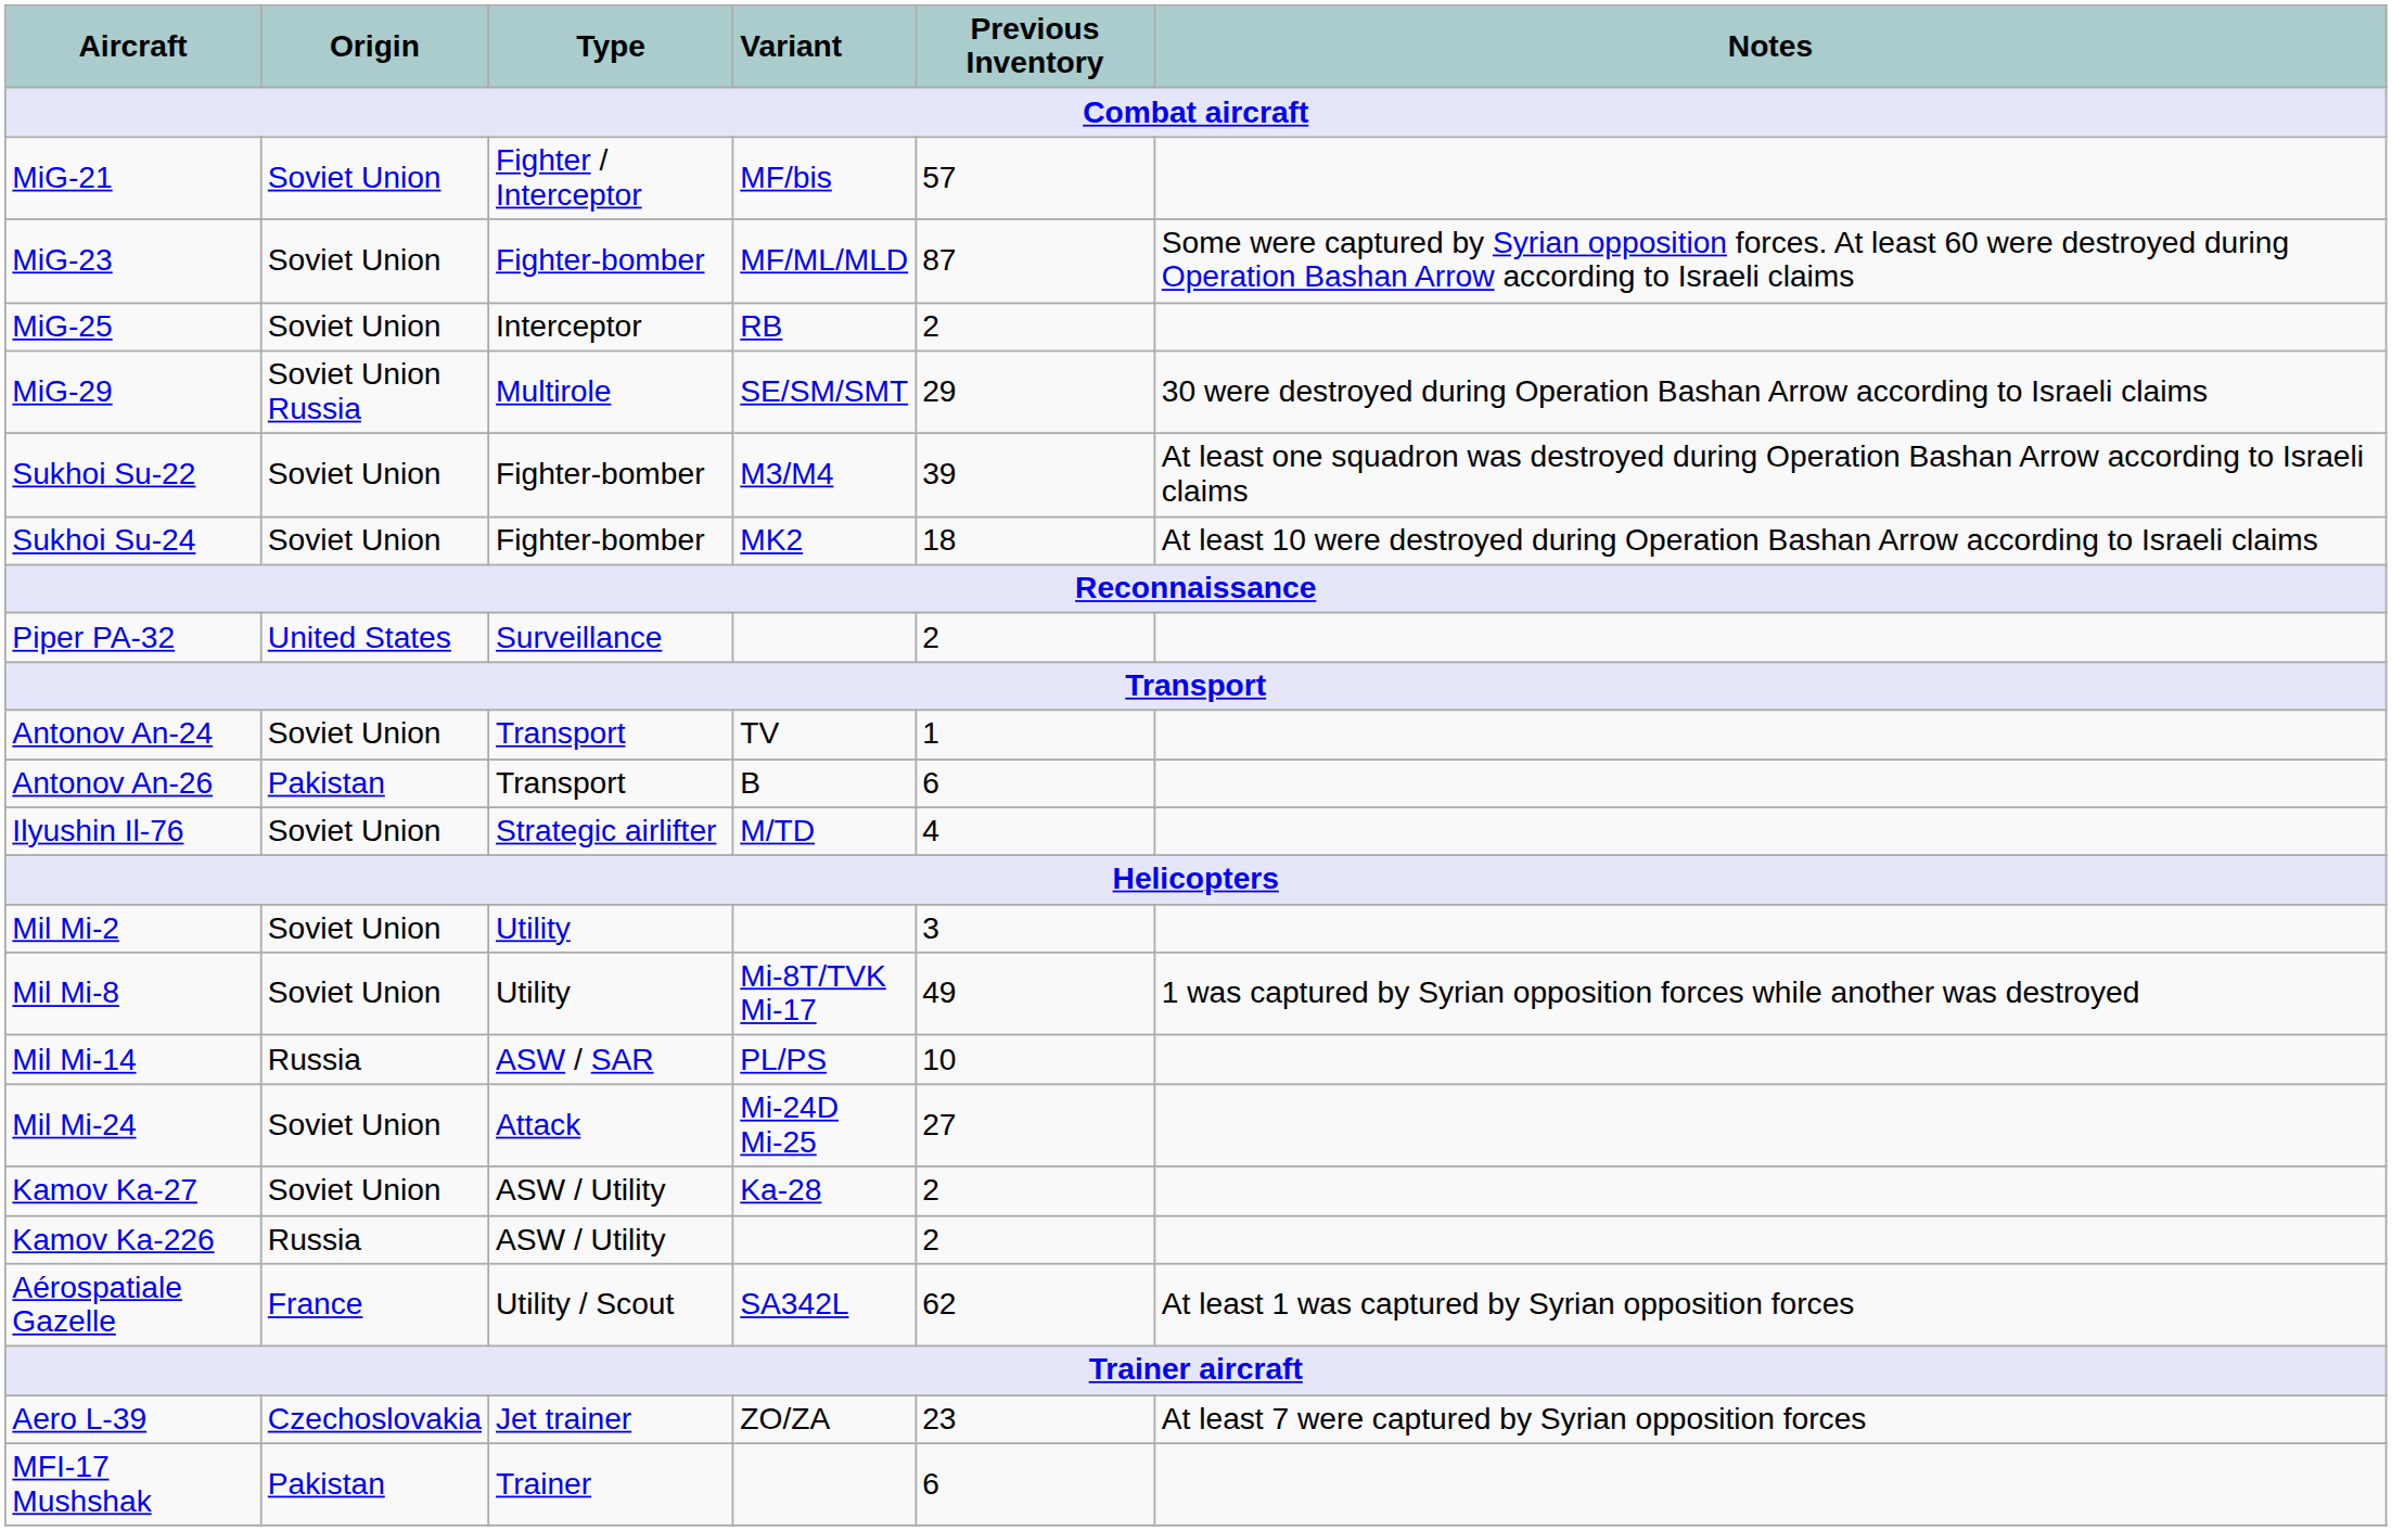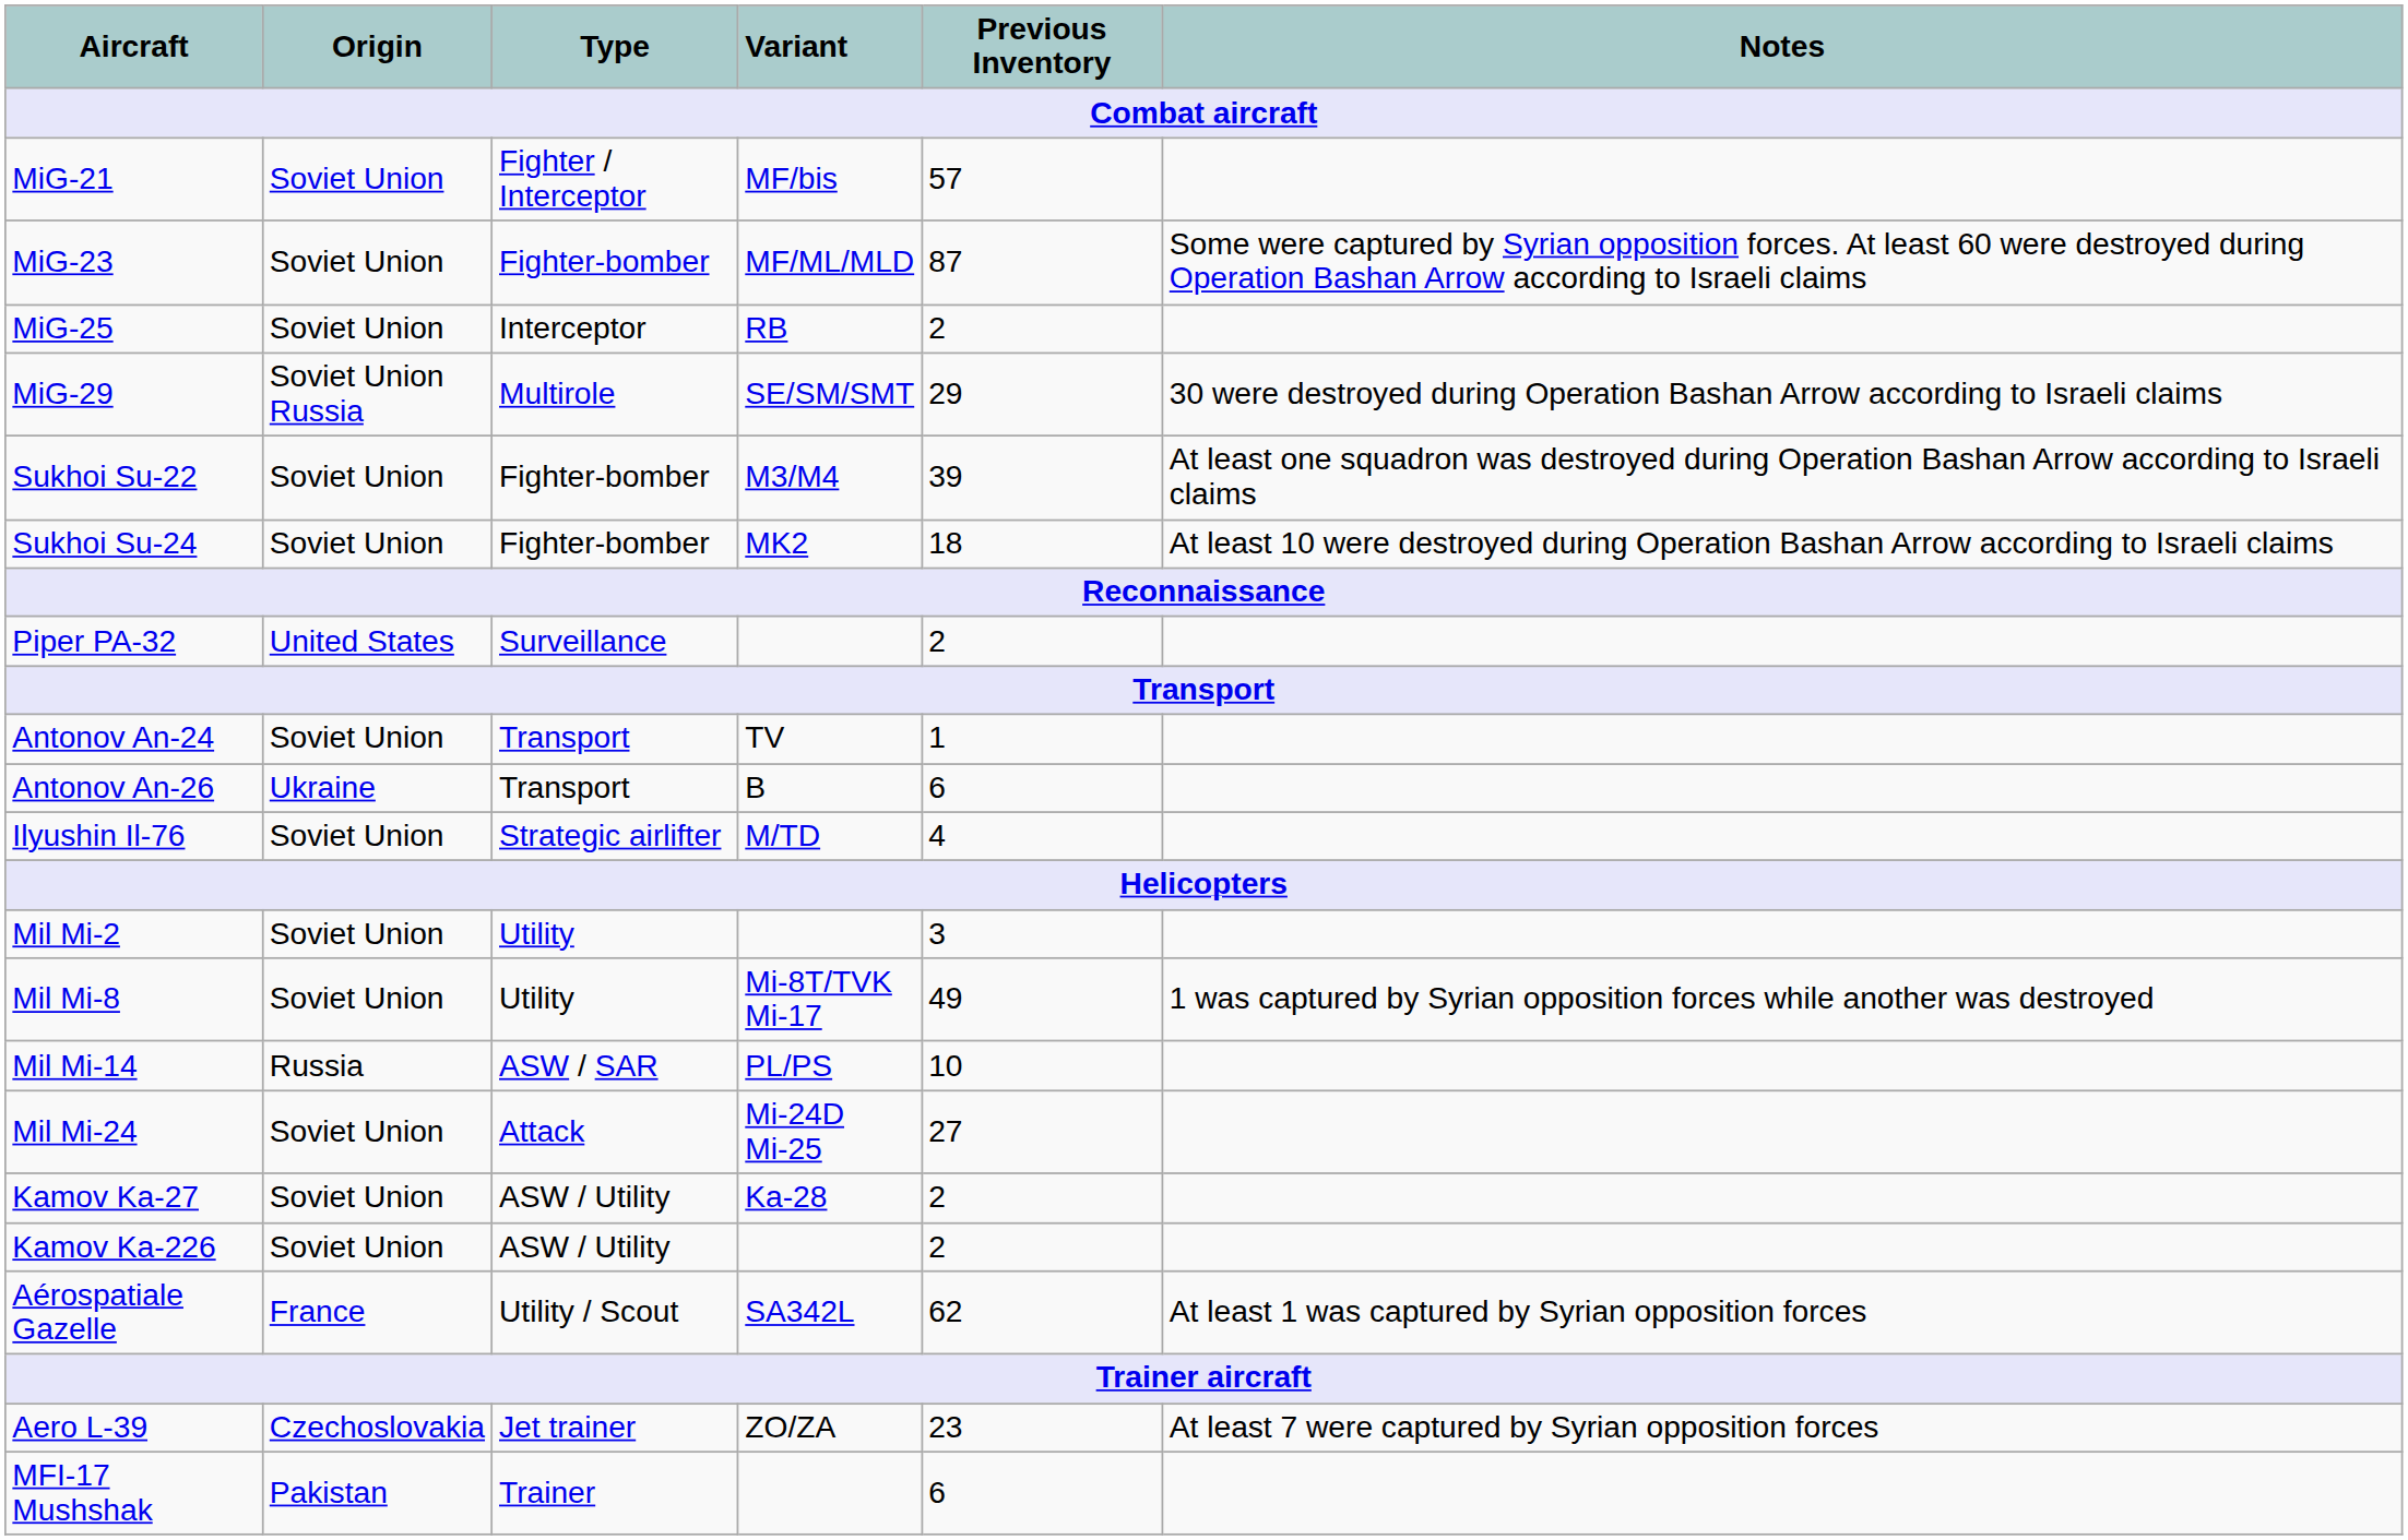 <table class="wikitable">
 <tr>
 <th style="text-align:center; background:#acc;">Aircraft</th>
 <th style="text-align: center; background:#acc;">Origin</th>
 <th style="text-align:l center; background:#acc;">Type</th>
 <th style="text-align:left; background:#acc;">Variant</th>
 <th style="text-align:center; background:#acc;">Previous Inventory</th>
 <th style="text-align: center; background:#acc;">Notes</th>
 </tr>
 <tr>
 <th style="align: center; background: lavender;" colspan="7"><a href='#'>Combat aircraft</a></th>
 </tr>
 <tr>
 <td><a href='#'>MiG-21</a></td>
 <td><a href='#'>Soviet Union</a></td>
 <td><a href='#'>Fighter</a> / <a href='#'>Interceptor</a></td>
 <td><a href='#'>MF/bis</a></td>
 <td>57</td>
 <td></td>
 </tr>
 <tr>
 <td><a href='#'>MiG-23</a></td>
 <td>Soviet Union</td>
 <td><a href='#'>Fighter-bomber</a></td>
 <td><a href='#'>MF/ML/MLD</a></td>
 <td>87</td>
 <td>Some were captured by <a href='#'>Syrian opposition</a> forces. At least 60 were destroyed during <a href='#'>Operation Bashan Arrow</a> according to Israeli claims</td>
 </tr>
 <tr>
 <td><a href='#'>MiG-25</a></td>
 <td>Soviet Union</td>
 <td>Interceptor</td>
 <td><a href='#'>RB</a></td>
 <td>2</td>
 <td></td>
 </tr>
 <tr>
 <td><a href='#'>MiG-29</a></td>
 <td>Soviet Union<br><a href='#'>Russia</a></td>
 <td><a href='#'>Multirole</a></td>
 <td><a href='#'>SE/SM/SMT</a></td>
 <td>29</td>
 <td>30 were destroyed during Operation Bashan Arrow according to Israeli claims</td>
 </tr>
 <tr>
 <td><a href='#'>Sukhoi Su-22</a></td>
 <td>Soviet Union</td>
 <td>Fighter-bomber</td>
 <td><a href='#'>M3/M4</a></td>
 <td>39</td>
 <td>At least one squadron was destroyed during Operation Bashan Arrow according to Israeli claims</td>
 </tr>
 <tr>
 <td><a href='#'>Sukhoi Su-24</a></td>
 <td>Soviet Union</td>
 <td>Fighter-bomber</td>
 <td><a href='#'>MK2</a></td>
 <td>18</td>
 <td>At least 10 were destroyed during Operation Bashan Arrow according to Israeli claims</td>
 </tr>
 <tr>
 <th style="align: center; background: lavender;" colspan="7"><a href='#'>Reconnaissance</a></th>
 </tr>
 <tr>
 <td><a href='#'>Piper PA-32</a></td>
 <td><a href='#'>United States</a></td>
 <td><a href='#'>Surveillance</a></td>
 <td></td>
 <td>2</td>
 <td></td>
 </tr>
 <tr>
 <th style="align: center; background: lavender;" colspan="7"><a href='#'>Transport</a></th>
 </tr>
 <tr>
 <td><a href='#'>Antonov An-24</a></td>
 <td>Soviet Union</td>
 <td><a href='#'>Transport</a></td>
 <td>TV</td>
 <td>1</td>
 <td></td>
 </tr>
 <tr>
 <td><a href='#'>Antonov An-26</a></td>
-<td><a href='#'>Pakistan</a></td>
+<td><a href='#'>Ukraine</a></td>
 <td>Transport</td>
 <td>B</td>
 <td>6</td>
 <td></td>
 </tr>
 <tr>
 <td><a href='#'>Ilyushin Il-76</a></td>
 <td>Soviet Union</td>
 <td><a href='#'>Strategic airlifter</a></td>
 <td><a href='#'>M/TD</a></td>
 <td>4</td>
 <td></td>
 </tr>
 <tr>
 <th style="align: center; background: lavender;" colspan="7"><a href='#'>Helicopters</a></th>
 </tr>
 <tr>
 <td><a href='#'>Mil Mi-2</a></td>
 <td>Soviet Union</td>
 <td><a href='#'>Utility</a></td>
 <td></td>
 <td>3</td>
 <td></td>
 </tr>
 <tr>
 <td><a href='#'>Mil Mi-8</a></td>
 <td>Soviet Union</td>
 <td>Utility</td>
 <td><a href='#'>Mi-8T/TVK</a><br><a href='#'>Mi-17</a></td>
 <td>49</td>
 <td>1 was captured by Syrian opposition forces while another was destroyed</td>
 </tr>
 <tr>
 <td><a href='#'>Mil Mi-14</a></td>
 <td>Russia</td>
 <td><a href='#'>ASW</a> / <a href='#'>SAR</a></td>
 <td><a href='#'>PL/PS</a></td>
 <td>10</td>
 <td></td>
 </tr>
 <tr>
 <td><a href='#'>Mil Mi-24</a></td>
 <td>Soviet Union</td>
 <td><a href='#'>Attack</a></td>
 <td><a href='#'>Mi-24D</a><br><a href='#'>Mi-25</a></td>
 <td>27</td>
 <td></td>
 </tr>
 <tr>
 <td><a href='#'>Kamov Ka-27</a></td>
 <td>Soviet Union</td>
 <td>ASW / Utility</td>
 <td><a href='#'>Ka-28</a></td>
 <td>2</td>
 <td></td>
 </tr>
 <tr>
 <td><a href='#'>Kamov Ka-226</a></td>
-<td>Russia</td>
+<td>Soviet Union</td>
 <td>ASW / Utility</td>
 <td></td>
 <td>2</td>
 <td></td>
 </tr>
 <tr>
 <td><a href='#'>Aérospatiale Gazelle</a></td>
 <td><a href='#'>France</a></td>
 <td>Utility / Scout</td>
 <td><a href='#'>SA342L</a></td>
 <td>62</td>
 <td>At least 1 was captured by Syrian opposition forces</td>
 </tr>
 <tr>
 <th style="align: center; background: lavender;" colspan="7"><a href='#'>Trainer aircraft</a></th>
 </tr>
 <tr>
 <td><a href='#'>Aero L-39</a></td>
 <td><a href='#'>Czechoslovakia</a></td>
 <td><a href='#'>Jet trainer</a></td>
 <td>ZO/ZA</td>
 <td>23</td>
 <td>At least 7 were captured by Syrian opposition forces</td>
 </tr>
 <tr>
 <td><a href='#'>MFI-17 Mushshak</a></td>
 <td><a href='#'>Pakistan</a></td>
 <td><a href='#'>Trainer</a></td>
 <td></td>
 <td>6</td>
 <td></td>
 </tr>
 </table>
